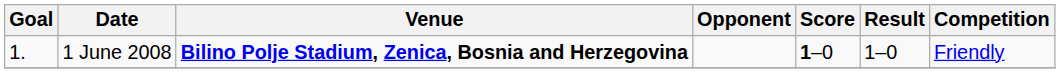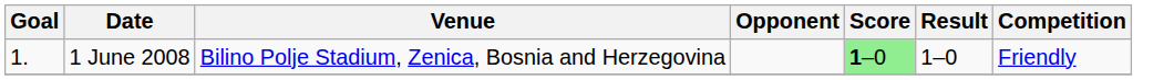 <table class="wikitable">
 <tr>
 <th>Goal</th>
 <th>Date</th>
 <th>Venue</th>
 <th>Opponent</th>
 <th>Score</th>
 <th>Result</th>
 <th>Competition</th>
 </tr>
 <tr>
 <td>1.</td>
 <td>1 June 2008</td>
-<td><strong><a href='#'>Bilino Polje Stadium</a>, <a href='#'>Zenica</a>, Bosnia and Herzegovina</strong></td>
+<td><a href='#'>Bilino Polje Stadium</a>, <a href='#'>Zenica</a>, Bosnia and Herzegovina</td>
 <td></td>
-<td><strong>1</strong>–0</td>
+<td style="background: lightgreen;"><strong>1</strong>–0</td>
 <td>1–0</td>
 <td><a href='#'>Friendly</a></td>
 </tr>
 <tr>
 </tr>
 </table>
